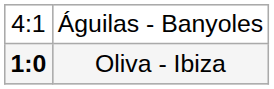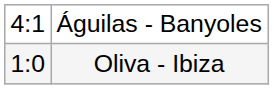 <table class="wikitable">
 <tr align=center bgcolor=white>
 <td>4:1</td>
 <td>Águilas - Banyoles</td>
 </tr>
 <tr align=center bgcolor=#F5F5F5>
-<td><strong>1:0</strong></td>
+<td>1:0</td>
 <td>Oliva - Ibiza</td>
 </tr>
 </table>
